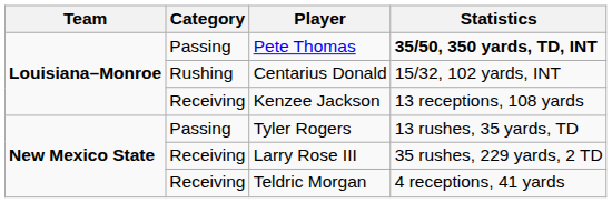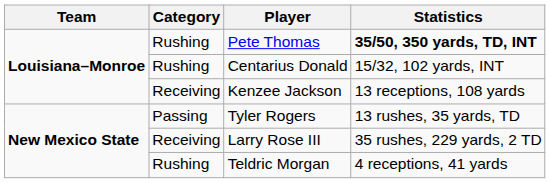 <table class="wikitable" style="float: left;">
 <tr>
 <th>Team</th>
 <th>Category</th>
 <th>Player</th>
 <th>Statistics</th>
 </tr>
 <tr>
 <td rowspan=3><strong>Louisiana–Monroe</strong></td>
-<td>Passing</td>
+<td>Rushing</td>
 <td><a href='#'>Pete Thomas</a></td>
 <td><strong>35/50, 350 yards, TD, INT</strong></td>
 </tr>
 <tr>
 <td>Rushing</td>
 <td>Centarius Donald</td>
 <td>15/32, 102 yards, INT</td>
 </tr>
 <tr>
 <td>Receiving</td>
 <td>Kenzee Jackson</td>
 <td>13 receptions, 108 yards</td>
 </tr>
 <tr>
 <td rowspan=3><strong>New Mexico State</strong></td>
 <td>Passing</td>
 <td>Tyler Rogers</td>
 <td>13 rushes, 35 yards, TD</td>
 </tr>
 <tr>
 <td>Receiving</td>
 <td>Larry Rose III</td>
 <td>35 rushes, 229 yards, 2 TD</td>
 </tr>
 <tr>
-<td>Receiving</td>
+<td>Rushing</td>
 <td>Teldric Morgan</td>
 <td>4 receptions, 41 yards</td>
 </tr>
 </table>
